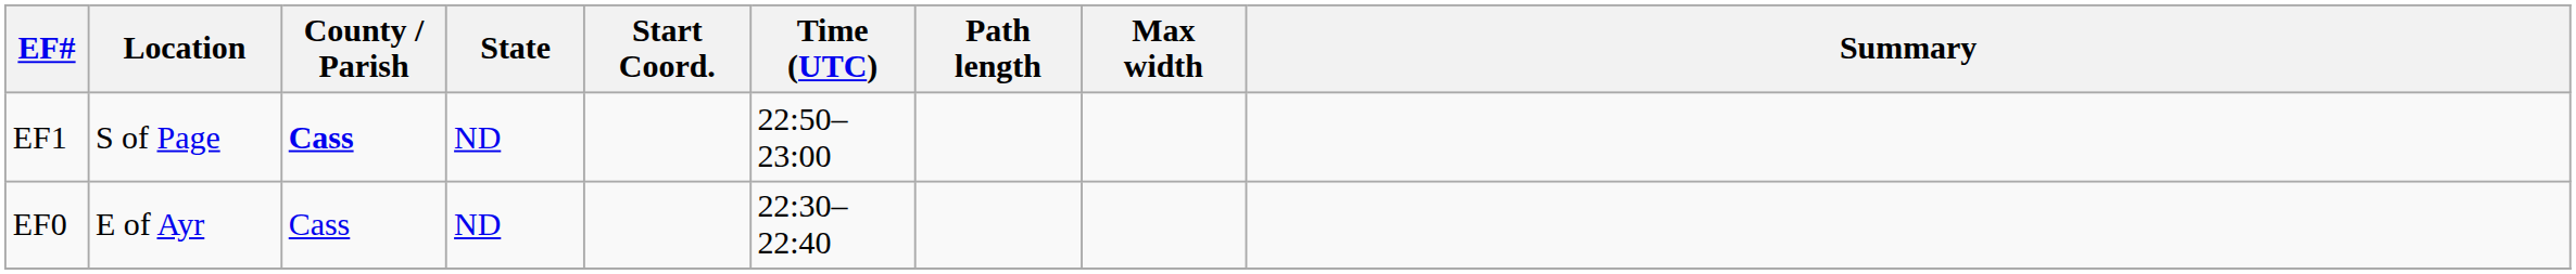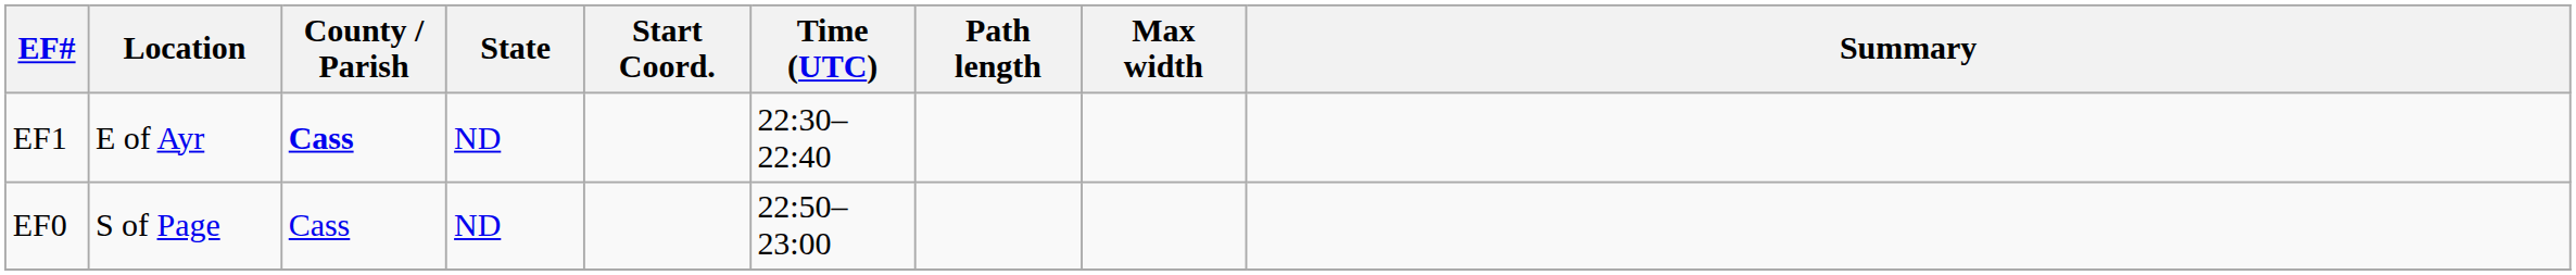 <table class="wikitable sortable" style="width:100%;">
 <tr>
 <th scope="col"  style="width:3%; text-align:center;"><a href='#'>EF#</a></th>
 <th scope="col"  style="width:7%; text-align:center;" class="unsortable">Location</th>
 <th scope="col"  style="width:6%; text-align:center;" class="unsortable">County / Parish</th>
 <th scope="col"  style="width:5%; text-align:center;">State</th>
 <th scope="col"  style="width:6%; text-align:center;">Start Coord.</th>
 <th scope="col"  style="width:6%; text-align:center;">Time (<a href='#'>UTC</a>)</th>
 <th scope="col"  style="width:6%; text-align:center;">Path length</th>
 <th scope="col"  style="width:6%; text-align:center;">Max width</th>
 <th scope="col" class="unsortable" style="width:48%; text-align:center;">Summary</th>
 </tr>
 <tr>
 <td>EF1</td>
+<td>E of <a href='#'>Ayr</a></td>
+<td><strong><a href='#'>Cass</a></strong></td>
+<td><a href='#'>ND</a></td>
+<td></td>
+<td>22:30–22:40</td>
+<td></td>
+<td></td>
+<td></td>
+</tr>
+<tr>
+<td>EF0</td>
 <td>S of <a href='#'>Page</a></td>
-<td><strong><a href='#'>Cass</a></strong></td>
+<td><a href='#'>Cass</a></td>
 <td><a href='#'>ND</a></td>
 <td></td>
 <td>22:50–23:00</td>
 <td></td>
 <td></td>
 <td></td>
 </tr>
 <tr>
-<td>EF0</td>
-<td>E of <a href='#'>Ayr</a></td>
-<td><a href='#'>Cass</a></td>
-<td><a href='#'>ND</a></td>
-<td></td>
-<td>22:30–22:40</td>
-<td></td>
-<td></td>
-<td></td>
-</tr>
-<tr>
 </tr>
 </table>
